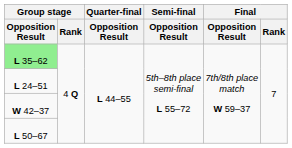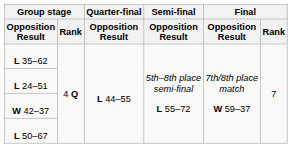 <table class=wikitable style="font-size:90%">
 <tr>
 <th colspan="2">Group stage</th>
 <th>Quarter-final</th>
 <th>Semi-final</th>
 <th colspan="2">Final</th>
 </tr>
 <tr>
 <th>Opposition<br>Result</th>
 <th>Rank</th>
 <th>Opposition<br>Result</th>
 <th>Opposition<br>Result</th>
 <th>Opposition<br>Result</th>
 <th>Rank</th>
 </tr>
 <tr>
-<td align="center" style="background: lightgreen;"><br><strong>L</strong> 35–62</td>
+<td align="center"><br><strong>L</strong> 35–62</td>
 <td align="center" rowspan="4">4 <strong>Q</strong></td>
 <td align="center" rowspan="4"><br><strong>L</strong> 44–55</td>
 <td align="center" rowspan="4"><em>5th–8th place<br>semi-final</em><br><br><strong>L</strong> 55–72</td>
 <td align="center" rowspan="4"><em>7th/8th place<br>match</em><br><br><strong>W</strong> 59–37</td>
 <td align="center" rowspan="4">7</td>
 </tr>
 <tr>
 <td align="center"><br><strong>L</strong> 24–51</td>
 </tr>
 <tr>
 <td align="center"><br><strong>W</strong> 42–37</td>
 </tr>
 <tr>
 <td align="center"><br><strong>L</strong> 50–67</td>
 </tr>
 </table>
